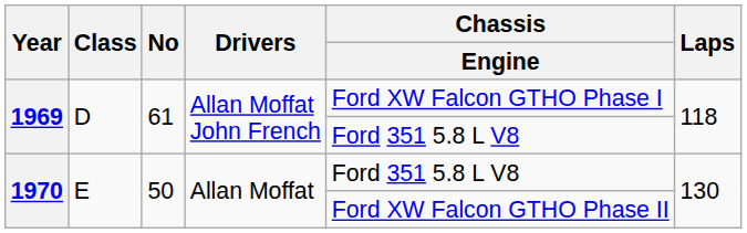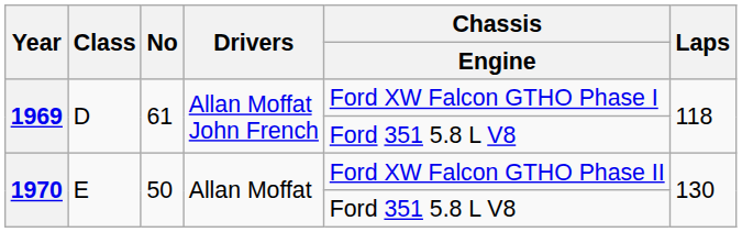 <table class="wikitable" style="font-size: 95%;">
 <tr>
 <th rowspan=2>Year</th>
 <th rowspan=2>Class</th>
 <th rowspan=2>No</th>
 <th rowspan=2>Drivers</th>
 <th>Chassis</th>
 <th rowspan=2>Laps</th>
 </tr>
 <tr>
 <th>Engine</th>
 </tr>
 <tr>
 <th rowspan=2><a href='#'>1969</a></th>
 <td rowspan=2>D</td>
 <td rowspan=2>61</td>
 <td rowspan=2> <a href='#'>Allan Moffat</a><br> <a href='#'>John French</a></td>
 <td><a href='#'>Ford XW Falcon GTHO Phase I</a></td>
 <td rowspan=2>118</td>
 </tr>
 <tr>
 <td><a href='#'>Ford</a> <a href='#'>351</a> 5.8 L <a href='#'>V8</a></td>
 </tr>
 <tr>
 <th rowspan=2><a href='#'>1970</a></th>
 <td rowspan=2>E</td>
 <td rowspan=2>50</td>
 <td rowspan=2> Allan Moffat</td>
-<td>Ford <a href='#'>351</a> 5.8 L V8</td>
+<td><a href='#'>Ford XW Falcon GTHO Phase II</a></td>
 <td rowspan=2>130</td>
 </tr>
 <tr>
-<td><a href='#'>Ford XW Falcon GTHO Phase II</a></td>
+<td>Ford <a href='#'>351</a> 5.8 L V8</td>
 </tr>
 </table>
